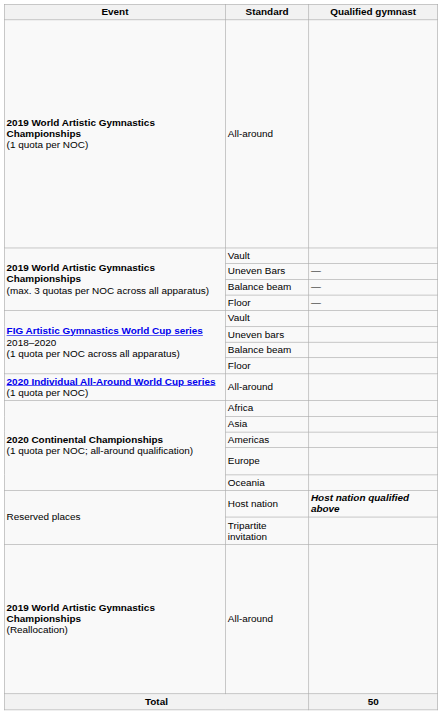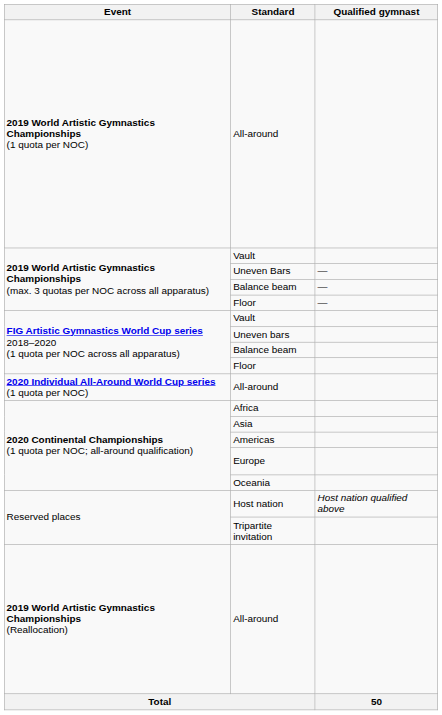 <table class="wikitable" style="width:700px;">
 <tr>
 <th>Event</th>
 <th>Standard</th>
 <th>Qualified gymnast</th>
 </tr>
 <tr>
 <td><strong>2019 World Artistic Gymnastics Championships</strong><br>(1 quota per NOC)</td>
 <td>All-around</td>
 <td><br><br><br><br><br><br><br><br><br><br><s></s><br><br><br><br><br><s></s><br><br><br><br><br></td>
 </tr>
 <tr>
 <td rowspan=4><strong>2019 World Artistic Gymnastics Championships</strong><br>(max. 3 quotas per NOC across all apparatus)</td>
 <td>Vault</td>
 <td></td>
 </tr>
 <tr>
 <td>Uneven Bars</td>
 <td>—</td>
 </tr>
 <tr>
 <td>Balance beam</td>
 <td>—</td>
 </tr>
 <tr>
 <td>Floor</td>
 <td>—</td>
 </tr>
 <tr>
 <td rowspan="4"><strong><a href='#'>FIG Artistic Gymnastics World Cup series</a></strong><br>2018–2020<br>(1 quota per NOC across all apparatus)</td>
 <td>Vault</td>
 <td></td>
 </tr>
 <tr>
 <td>Uneven bars</td>
 <td></td>
 </tr>
 <tr>
 <td>Balance beam</td>
 <td></td>
 </tr>
 <tr>
 <td>Floor</td>
 <td><s></s><br></td>
 </tr>
 <tr>
 <td><strong><a href='#'>2020 Individual All-Around World Cup series</a></strong><br>(1 quota per NOC)</td>
 <td>All-around</td>
 <td><br><br></td>
 </tr>
 <tr>
 <td rowspan="5"><strong>2020 Continental Championships</strong><br>(1 quota per NOC; all-around qualification)</td>
 <td>Africa</td>
 <td><br></td>
 </tr>
 <tr>
 <td>Asia</td>
 <td><br></td>
 </tr>
 <tr>
 <td>Americas</td>
 <td><br></td>
 </tr>
 <tr>
 <td>Europe</td>
 <td><br><br></td>
 </tr>
 <tr>
 <td>Oceania</td>
 <td></td>
 </tr>
 <tr>
 <td rowspan=2>Reserved places</td>
 <td>Host nation</td>
-<td><strong><em>Host nation qualified above</em></strong></td>
+<td><em>Host nation qualified above</em></td>
 </tr>
 <tr>
 <td>Tripartite invitation</td>
 <td></td>
 </tr>
 <tr>
 <td><strong>2019 World Artistic Gymnastics Championships</strong><br>(Reallocation)</td>
 <td>All-around</td>
 <td><br><br><br><br><br><br><br><br><br><br><br><br><br></td>
 </tr>
 <tr>
 <th colspan="2">Total</th>
 <th>50</th>
 </tr>
 </table>
